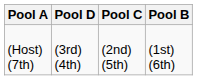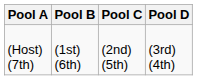 <table class="wikitable">
 <tr>
 <th width=25%>Pool A</th>
+<th width=25%>Pool B</th>
+<th width=25%>Pool C</th>
 <th width=25%>Pool D</th>
-<th width=25%>Pool C</th>
-<th width=25%>Pool B</th>
 </tr>
 <tr>
 <td valign=top><br> (Host)<br>  (7th)<br> </td>
+<td><br> (1st)<br>  (6th)<br> </td>
+<td><br> (2nd)<br>  (5th)<br> </td>
 <td><br> (3rd)<br>  (4th)<br> </td>
-<td><br> (2nd)<br>  (5th)<br> </td>
-<td><br> (1st)<br>  (6th)<br> </td>
 </tr>
 </table>
